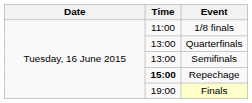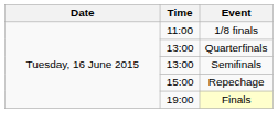 <table class = "wikitable" style="text-align:center;">
 <tr>
 <th width=220>Date</th>
 <th width=50>Time</th>
 <th width=100>Event</th>
 </tr>
 <tr>
 <td rowspan=5>Tuesday, 16 June 2015</td>
 <td>11:00</td>
 <td>1/8 finals</td>
 </tr>
 <tr>
 <td>13:00</td>
 <td>Quarterfinals</td>
 </tr>
 <tr>
 <td>13:00</td>
 <td>Semifinals</td>
 </tr>
 <tr>
-<td><strong>15:00</strong></td>
+<td>15:00</td>
 <td>Repechage</td>
 </tr>
 <tr>
 <td>19:00</td>
 <td bgcolor=ffffcc>Finals</td>
 </tr>
 </table>
